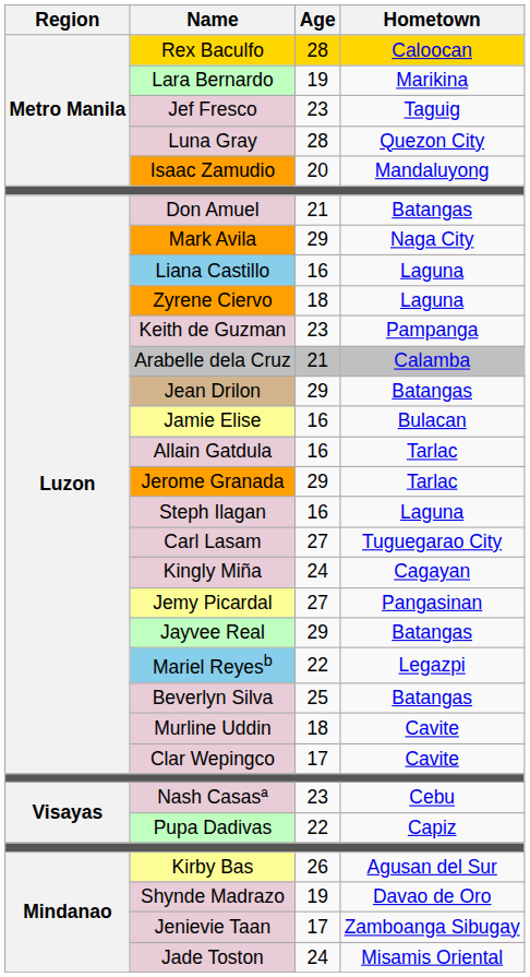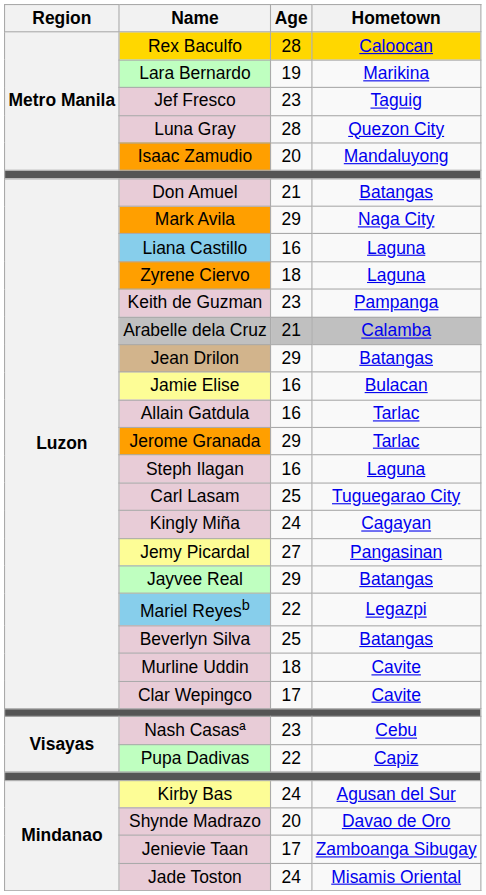 <table class="wikitable plainrowheaders" style="text-align:center;">
 <tr>
 <th>Region</th>
 <th>Name</th>
 <th>Age</th>
 <th>Hometown</th>
 </tr>
 <tr>
 <th rowspan="5">Metro Manila</th>
 <td style="background:gold;">Rex Baculfo</td>
 <td style="background:gold;">28</td>
 <td style="background:gold;"><a href='#'>Caloocan</a></td>
 </tr>
 <tr>
 <td style="background:#BFFFC0;">Lara Bernardo</td>
 <td>19</td>
 <td><a href='#'>Marikina</a></td>
 </tr>
 <tr>
 <td style="background:#E8CCD7;">Jef Fresco</td>
 <td>23</td>
 <td><a href='#'>Taguig</a></td>
 </tr>
 <tr>
 <td style="background:#E8CCD7;">Luna Gray</td>
 <td>28</td>
 <td><a href='#'>Quezon City</a></td>
 </tr>
 <tr>
 <td style="background:#FF9F00;">Isaac Zamudio</td>
 <td>20</td>
 <td><a href='#'>Mandaluyong</a></td>
 </tr>
 <tr>
 <td colspan="4" style="background:#555;"></td>
 </tr>
 <tr>
 <th rowspan="19"><strong>Luzon</strong></th>
 <td style="background:#E8CCD7;">Don Amuel</td>
 <td>21</td>
 <td><a href='#'>Batangas</a></td>
 </tr>
 <tr>
 <td style="background:#FF9F00;">Mark Avila</td>
 <td>29</td>
 <td><a href='#'>Naga City</a></td>
 </tr>
 <tr>
 <td style="background:skyblue;">Liana Castillo</td>
 <td>16</td>
 <td><a href='#'>Laguna</a></td>
 </tr>
 <tr>
 <td style="background:#FF9F00;">Zyrene Ciervo</td>
 <td>18</td>
 <td><a href='#'>Laguna</a></td>
 </tr>
 <tr>
 <td style="background:#E8CCD7;">Keith de Guzman</td>
 <td>23</td>
 <td><a href='#'>Pampanga</a></td>
 </tr>
 <tr>
 <td style="background:silver;">Arabelle dela Cruz</td>
 <td style="background:silver;">21</td>
 <td style="background:silver;"><a href='#'>Calamba</a></td>
 </tr>
 <tr>
 <td style="background:tan;">Jean Drilon</td>
 <td>29</td>
 <td><a href='#'>Batangas</a></td>
 </tr>
 <tr>
 <td style="background:#FDFD96;">Jamie Elise</td>
 <td>16</td>
 <td><a href='#'>Bulacan</a></td>
 </tr>
 <tr>
 <td style="background:#E8CCD7;">Allain Gatdula</td>
 <td>16</td>
 <td><a href='#'>Tarlac</a></td>
 </tr>
 <tr>
 <td style="background:#FF9F00;">Jerome Granada</td>
 <td>29</td>
 <td><a href='#'>Tarlac</a></td>
 </tr>
 <tr>
 <td style="background:#E8CCD7;">Steph Ilagan</td>
 <td>16</td>
 <td><a href='#'>Laguna</a></td>
 </tr>
 <tr>
 <td style="background:#E8CCD7;">Carl Lasam</td>
-<td>27</td>
+<td>25</td>
 <td><a href='#'>Tuguegarao City</a></td>
 </tr>
 <tr>
 <td style="background:#E8CCD7;">Kingly Miña</td>
 <td>24</td>
 <td><a href='#'>Cagayan</a></td>
 </tr>
 <tr>
 <td style="background:#FDFD96;">Jemy Picardal</td>
 <td>27</td>
 <td><a href='#'>Pangasinan</a></td>
 </tr>
 <tr>
 <td style="background:#BFFFC0;">Jayvee Real</td>
 <td>29</td>
 <td><a href='#'>Batangas</a></td>
 </tr>
 <tr>
 <td style="background:skyblue;">Mariel Reyes<sup>b</sup></td>
 <td>22</td>
 <td><a href='#'>Legazpi</a></td>
 </tr>
 <tr>
 <td style="background:#E8CCD7;">Beverlyn Silva</td>
 <td>25</td>
 <td><a href='#'>Batangas</a></td>
 </tr>
 <tr>
 <td style="background:#E8CCD7;">Murline Uddin</td>
 <td>18</td>
 <td><a href='#'>Cavite</a></td>
 </tr>
 <tr>
 <td style="background:#E8CCD7;">Clar Wepingco</td>
 <td>17</td>
 <td><a href='#'>Cavite</a></td>
 </tr>
 <tr>
 <td colspan="4" style="background:#555;"></td>
 </tr>
 <tr>
 <th rowspan="2"><strong>Visayas</strong></th>
 <td style="background:#E8CCD7;">Nash Casasª</td>
 <td>23</td>
 <td><a href='#'>Cebu</a></td>
 </tr>
 <tr>
 <td style="background:#BFFFC0;">Pupa Dadivas</td>
 <td>22</td>
 <td><a href='#'>Capiz</a></td>
 </tr>
 <tr>
 <td colspan="4" style="background:#555;"></td>
 </tr>
 <tr>
 <th rowspan="4">Mindanao</th>
 <td style="background:#FDFD96;">Kirby Bas</td>
-<td>26</td>
+<td>24</td>
 <td><a href='#'>Agusan del Sur</a></td>
 </tr>
 <tr>
 <td style="background:#E8CCD7;">Shynde Madrazo</td>
-<td>19</td>
+<td>20</td>
 <td><a href='#'>Davao de Oro</a></td>
 </tr>
 <tr>
 <td style="background:#E8CCD7;">Jenievie Taan</td>
 <td>17</td>
 <td><a href='#'>Zamboanga Sibugay</a></td>
 </tr>
 <tr>
 <td style="background:#E8CCD7;">Jade Toston</td>
 <td>24</td>
 <td><a href='#'>Misamis Oriental</a></td>
 </tr>
 </table>
